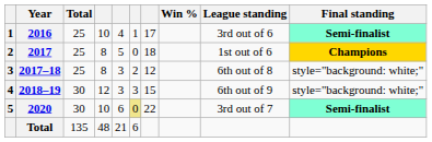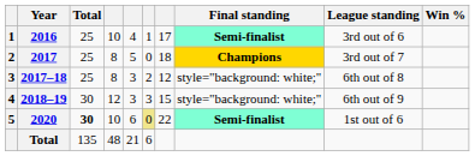 <table class="wikitable sortable" style="text-align: center;">
 <tr>
 <th></th>
 <th>Year</th>
 <th>Total</th>
 <th></th>
 <th></th>
 <th></th>
 <th></th>
+<th>Final standing</th>
+<th>League standing</th>
 <th>Win %</th>
-<th>League standing</th>
-<th>Final standing</th>
 </tr>
 <tr>
 <th>1</th>
 <th><a href='#'>2016</a></th>
 <td>25</td>
 <td>10</td>
 <td>4</td>
 <td>1</td>
 <td>17</td>
+<th style="background: #7FFFD4;">Semi-finalist</th>
+<td>3rd out of 6</td>
 <td></td>
-<td>3rd out of 6</td>
-<th style="background: #7FFFD4;">Semi-finalist</th>
 </tr>
 <tr>
 <th>2</th>
 <th><a href='#'>2017</a></th>
 <td>25</td>
 <td>8</td>
 <td>5</td>
 <td>0</td>
 <td>18</td>
+<th style="background: gold;">Champions</th>
+<td>3rd out of 7</td>
 <td></td>
-<td>1st out of 6</td>
-<th style="background: gold;">Champions</th>
 </tr>
 <tr>
 <th>3</th>
 <th><a href='#'>2017–18</a></th>
 <td>25</td>
 <td>8</td>
 <td>3</td>
 <td>2</td>
 <td>12</td>
+<td>style="background: white;" </td>
+<td>6th out of 8</td>
 <td></td>
-<td>6th out of 8</td>
-<td>style="background: white;" </td>
 </tr>
 <tr>
 <th>4</th>
 <th><a href='#'>2018–19</a></th>
 <td>30</td>
 <td>12</td>
 <td>3</td>
 <td>3</td>
 <td>15</td>
+<td>style="background: white;" </td>
+<td>6th out of 9</td>
 <td></td>
-<td>6th out of 9</td>
-<td>style="background: white;" </td>
 </tr>
 <tr>
 <th>5</th>
 <th><a href='#'>2020</a></th>
-<td>30</td>
+<td><strong>30</strong></td>
 <td>10</td>
 <td>6</td>
 <td style="background: khaki;">0</td>
 <td>22</td>
+<th style="background: #7FFFD4;">Semi-finalist</th>
+<td>1st out of 6</td>
 <td></td>
-<td>3rd out of 7</td>
-<th style="background: #7FFFD4;">Semi-finalist</th>
 </tr>
 <tr>
 <th></th>
 <th>Total</th>
 <td>135</td>
 <td>48</td>
 <td>21</td>
 <td>6</td>
 <td></td>
 <td></td>
 <td></td>
 <td></td>
 </tr>
 </table>
